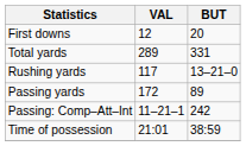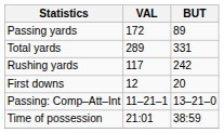 <table class="wikitable" style="float: left;">
 <tr>
 <th>Statistics</th>
 <th>VAL</th>
 <th>BUT</th>
 </tr>
 <tr>
-<td>First downs</td>
-<td>12</td>
-<td>20</td>
+<td>Passing yards</td>
+<td>172</td>
+<td>89</td>
 </tr>
 <tr>
 <td>Total yards</td>
 <td>289</td>
 <td>331</td>
 </tr>
 <tr>
 <td>Rushing yards</td>
 <td>117</td>
-<td>13–21–0</td>
+<td>242</td>
 </tr>
 <tr>
-<td>Passing yards</td>
-<td>172</td>
-<td>89</td>
+<td>First downs</td>
+<td>12</td>
+<td>20</td>
 </tr>
 <tr>
 <td>Passing: Comp–Att–Int</td>
 <td>11–21–1</td>
-<td>242</td>
+<td>13–21–0</td>
 </tr>
 <tr>
 <td>Time of possession</td>
 <td>21:01</td>
 <td>38:59</td>
 </tr>
 <tr>
 </tr>
 </table>
